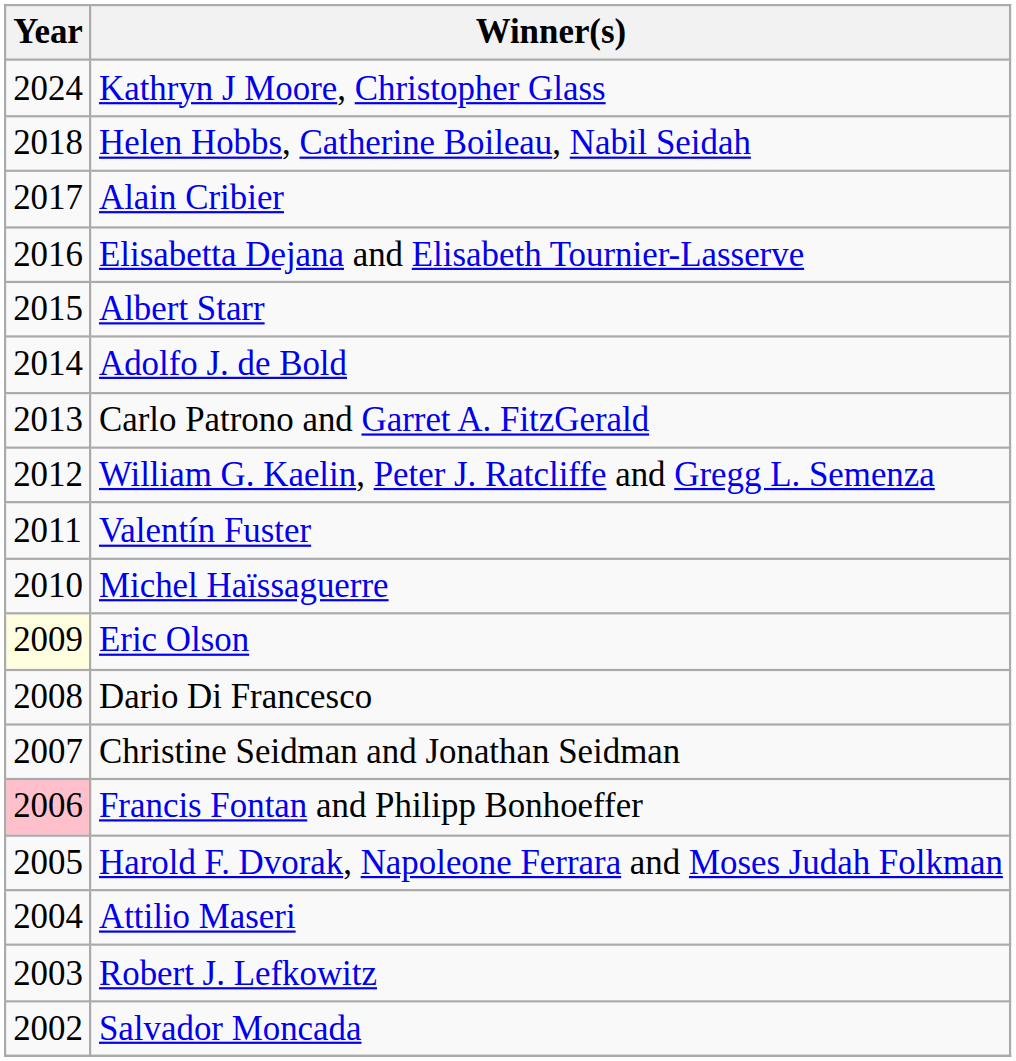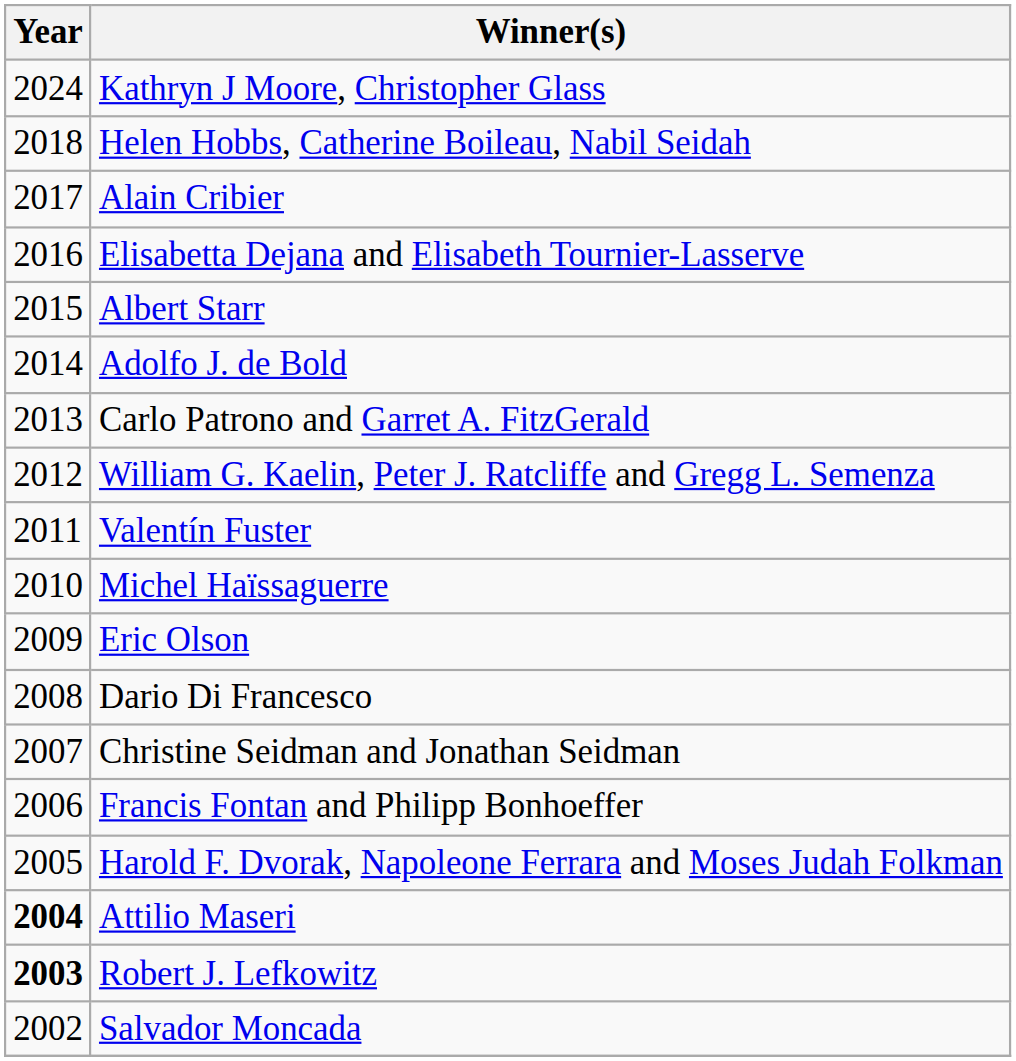 <table class="wikitable">
 <tr>
 <th>Year</th>
 <th>Winner(s)</th>
 </tr>
 <tr>
 <td>2024</td>
 <td><a href='#'>Kathryn J Moore</a>, <a href='#'>Christopher Glass</a></td>
 </tr>
 <tr>
 <td>2018</td>
 <td><a href='#'>Helen Hobbs</a>, <a href='#'>Catherine Boileau</a>, <a href='#'>Nabil Seidah</a></td>
 </tr>
 <tr>
 <td>2017</td>
 <td><a href='#'>Alain Cribier</a></td>
 </tr>
 <tr>
 <td>2016</td>
 <td><a href='#'>Elisabetta Dejana</a> and <a href='#'>Elisabeth Tournier-Lasserve</a></td>
 </tr>
 <tr>
 <td>2015</td>
 <td><a href='#'>Albert Starr</a></td>
 </tr>
 <tr>
 <td>2014</td>
 <td><a href='#'>Adolfo J. de Bold</a></td>
 </tr>
 <tr>
 <td>2013</td>
 <td>Carlo Patrono and <a href='#'>Garret A. FitzGerald</a></td>
 </tr>
 <tr>
 <td>2012</td>
 <td><a href='#'>William G. Kaelin</a>, <a href='#'>Peter J. Ratcliffe</a> and <a href='#'>Gregg L. Semenza</a></td>
 </tr>
 <tr>
 <td>2011</td>
 <td><a href='#'>Valentín Fuster</a></td>
 </tr>
 <tr>
 <td>2010</td>
 <td><a href='#'>Michel Haïssaguerre</a></td>
 </tr>
 <tr>
-<td style="background: lightyellow;">2009</td>
+<td>2009</td>
 <td><a href='#'>Eric Olson</a></td>
 </tr>
 <tr>
 <td>2008</td>
 <td>Dario Di Francesco</td>
 </tr>
 <tr>
 <td>2007</td>
 <td>Christine Seidman and Jonathan Seidman</td>
 </tr>
 <tr>
-<td style="background: pink;">2006</td>
+<td>2006</td>
 <td><a href='#'>Francis Fontan</a> and Philipp Bonhoeffer</td>
 </tr>
 <tr>
 <td>2005</td>
 <td><a href='#'>Harold F. Dvorak</a>, <a href='#'>Napoleone Ferrara</a> and <a href='#'>Moses Judah Folkman</a></td>
 </tr>
 <tr>
-<td>2004</td>
+<td><strong>2004</strong></td>
 <td><a href='#'>Attilio Maseri</a></td>
 </tr>
 <tr>
-<td>2003</td>
+<td><strong>2003</strong></td>
 <td><a href='#'>Robert J. Lefkowitz</a></td>
 </tr>
 <tr>
 <td>2002</td>
 <td><a href='#'>Salvador Moncada</a></td>
 </tr>
 <tr>
 </tr>
 </table>
